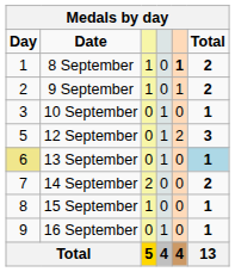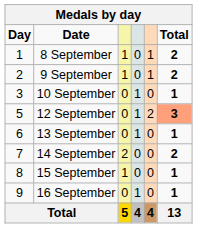 <table class="wikitable" style="font-size:90%; float:right">
 <tr align=center>
 <th colspan=7><strong>Medals by day</strong></th>
 </tr>
 <tr align=center>
 <td><strong>Day</strong></td>
 <td><strong>Date</strong></td>
 <td style="background:#f7f6a8;"></td>
 <td style="background:#dce5e5;"></td>
 <td style="background:#ffdab9;"></td>
 <td><strong>Total</strong></td>
 </tr>
 <tr align=center>
 <td>1</td>
 <td>8 September</td>
 <td style="background:#f7f6a8;">1</td>
 <td style="background:#dce5e5;">0</td>
-<td style="background:#ffdab9;"><strong>1</strong></td>
+<td style="background:#ffdab9;">1</td>
 <td><strong>2</strong></td>
 </tr>
 <tr align=center>
 <td>2</td>
 <td>9 September</td>
 <td style="background:#f7f6a8;">1</td>
 <td style="background:#dce5e5;">0</td>
 <td style="background:#ffdab9;">1</td>
 <td><strong>2</strong></td>
 </tr>
 <tr align=center>
 <td>3</td>
 <td>10 September</td>
 <td style="background:#f7f6a8;">0</td>
 <td style="background:#dce5e5;">1</td>
 <td style="background:#ffdab9;">0</td>
 <td><strong>1</strong></td>
 </tr>
 <tr align=center>
 <td>5</td>
 <td>12 September</td>
 <td style="background:#f7f6a8;">0</td>
 <td style="background:#dce5e5;">1</td>
 <td style="background:#ffdab9;">2</td>
-<td><strong>3</strong></td>
+<td style="background: lightsalmon;"><strong>3</strong></td>
 </tr>
 <tr align=center>
-<td style="background: khaki;">6</td>
+<td>6</td>
 <td>13 September</td>
 <td style="background:#f7f6a8;">0</td>
 <td style="background:#dce5e5;">1</td>
 <td style="background:#ffdab9;">0</td>
-<td style="background: lightblue;"><strong>1</strong></td>
+<td><strong>1</strong></td>
 </tr>
 <tr align=center>
 <td>7</td>
 <td>14 September</td>
 <td style="background:#f7f6a8;">2</td>
 <td style="background:#dce5e5;">0</td>
 <td style="background:#ffdab9;">0</td>
 <td><strong>2</strong></td>
 </tr>
 <tr align=center>
 <td>8</td>
 <td>15 September</td>
 <td style="background:#f7f6a8;">1</td>
 <td style="background:#dce5e5;">0</td>
 <td style="background:#ffdab9;">0</td>
 <td><strong>1</strong></td>
 </tr>
 <tr align=center>
 <td>9</td>
 <td>16 September</td>
 <td style="background:#f7f6a8;">0</td>
 <td style="background:#dce5e5;">1</td>
 <td style="background:#ffdab9;">0</td>
 <td><strong>1</strong></td>
 </tr>
 <tr style="text-align:center">
 <th colspan=2>Total</th>
 <th style="background:gold">5</th>
 <th style="background:silver">4</th>
 <th style="background:#c96">4</th>
 <th>13</th>
 </tr>
 </table>
